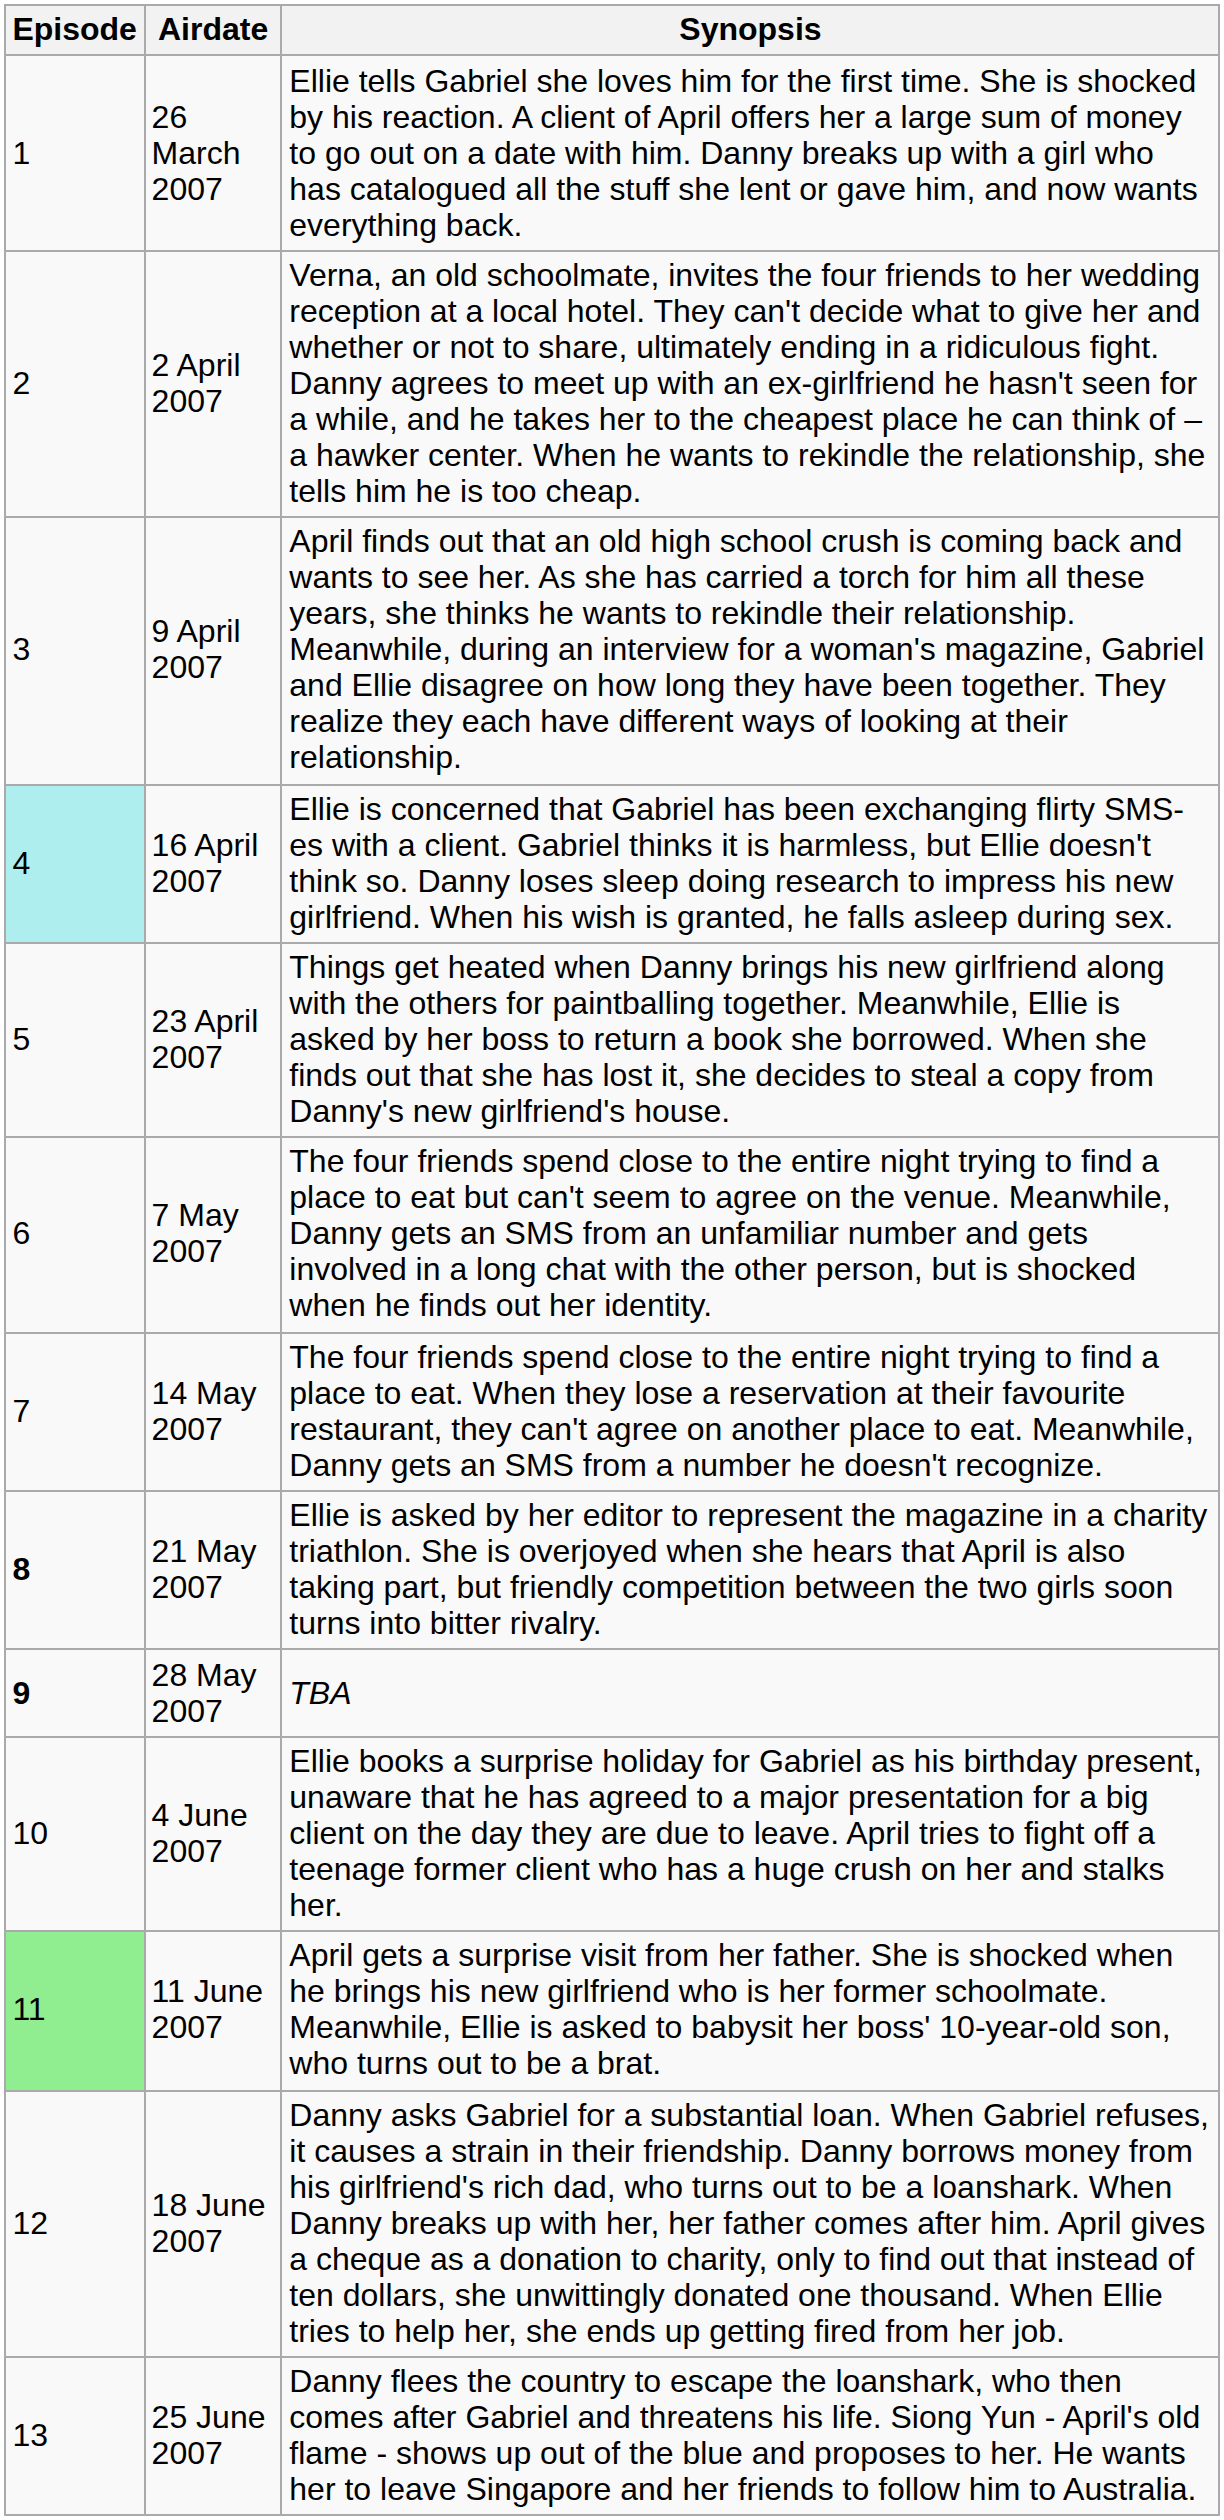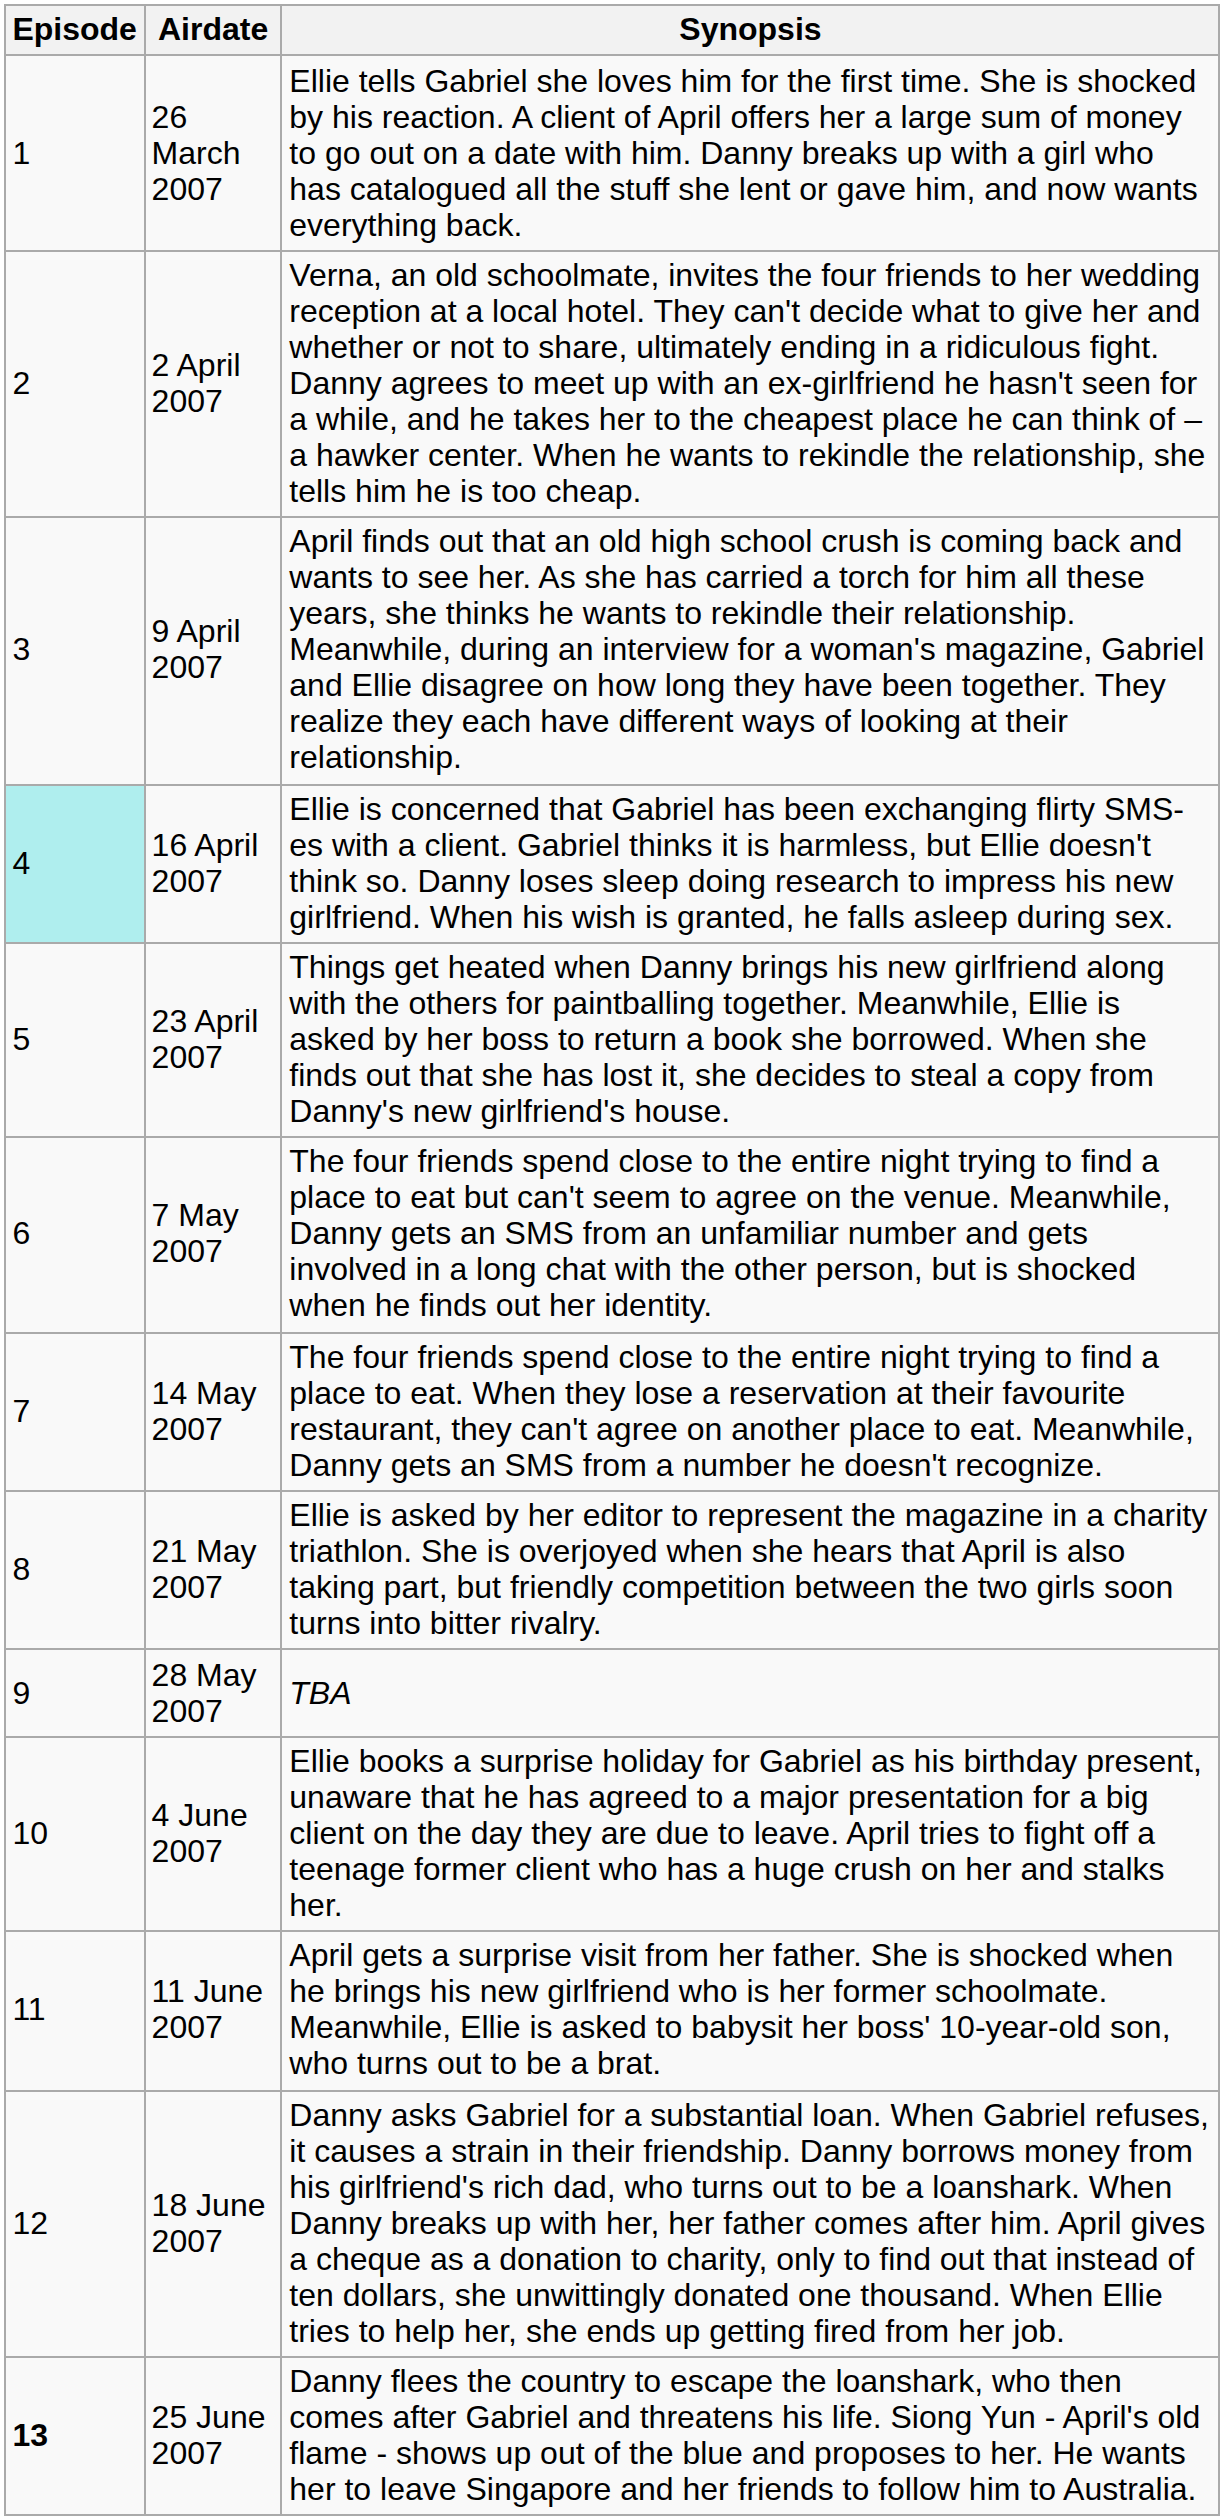 <table class="wikitable">
 <tr>
 <th>Episode</th>
 <th>Airdate</th>
 <th>Synopsis</th>
 </tr>
 <tr>
 <td>1</td>
 <td>26 March 2007</td>
 <td>Ellie tells Gabriel she loves him for the first time. She is shocked by his reaction. A client of April offers her a large sum of money to go out on a date with him. Danny breaks up with a girl who has catalogued all the stuff she lent or gave him, and now wants everything back.</td>
 </tr>
 <tr>
 <td>2</td>
 <td>2 April 2007</td>
 <td>Verna, an old schoolmate, invites the four friends to her wedding reception at a local hotel. They can't decide what to give her and whether or not to share, ultimately ending in a ridiculous fight. Danny agrees to meet up with an ex-girlfriend he hasn't seen for a while, and he takes her to the cheapest place he can think of – a hawker center. When he wants to rekindle the relationship, she tells him he is too cheap.</td>
 </tr>
 <tr>
 <td>3</td>
 <td>9 April 2007</td>
 <td>April finds out that an old high school crush is coming back and wants to see her. As she has carried a torch for him all these years, she thinks he wants to rekindle their relationship. Meanwhile, during an interview for a woman's magazine, Gabriel and Ellie disagree on how long they have been together. They realize they each have different ways of looking at their relationship.</td>
 </tr>
 <tr>
 <td style="background: paleturquoise;">4</td>
 <td>16 April 2007</td>
 <td>Ellie is concerned that Gabriel has been exchanging flirty SMS-es with a client. Gabriel thinks it is harmless, but Ellie doesn't think so. Danny loses sleep doing research to impress his new girlfriend. When his wish is granted, he falls asleep during sex.</td>
 </tr>
 <tr>
 <td>5</td>
 <td>23 April 2007</td>
 <td>Things get heated when Danny brings his new girlfriend along with the others for paintballing together. Meanwhile, Ellie is asked by her boss to return a book she borrowed. When she finds out that she has lost it, she decides to steal a copy from Danny's new girlfriend's house.</td>
 </tr>
 <tr>
 <td>6</td>
 <td>7 May 2007</td>
 <td>The four friends spend close to the entire night trying to find a place to eat but can't seem to agree on the venue. Meanwhile, Danny gets an SMS from an unfamiliar number and gets involved in a long chat with the other person, but is shocked when he finds out her identity.</td>
 </tr>
 <tr>
 <td>7</td>
 <td>14 May 2007</td>
 <td>The four friends spend close to the entire night trying to find a place to eat. When they lose a reservation at their favourite restaurant, they can't agree on another place to eat. Meanwhile, Danny gets an SMS from a number he doesn't recognize.</td>
 </tr>
 <tr>
-<td><strong>8</strong></td>
+<td>8</td>
 <td>21 May 2007</td>
 <td>Ellie is asked by her editor to represent the magazine in a charity triathlon. She is overjoyed when she hears that April is also taking part, but friendly competition between the two girls soon turns into bitter rivalry.</td>
 </tr>
 <tr>
-<td><strong>9</strong></td>
+<td>9</td>
 <td>28 May 2007</td>
 <td><em>TBA</em></td>
 </tr>
 <tr>
 <td>10</td>
 <td>4 June 2007</td>
 <td>Ellie books a surprise holiday for Gabriel as his birthday present, unaware that he has agreed to a major presentation for a big client on the day they are due to leave. April tries to fight off a teenage former client who has a huge crush on her and stalks her.</td>
 </tr>
 <tr>
-<td style="background: lightgreen;">11</td>
+<td>11</td>
 <td>11 June 2007</td>
 <td>April gets a surprise visit from her father. She is shocked when he brings his new girlfriend who is her former schoolmate. Meanwhile, Ellie is asked to babysit her boss' 10-year-old son, who turns out to be a brat.</td>
 </tr>
 <tr>
 <td>12</td>
 <td>18 June 2007</td>
 <td>Danny asks Gabriel for a substantial loan. When Gabriel refuses, it causes a strain in their friendship. Danny borrows money from his girlfriend's rich dad, who turns out to be a loanshark. When Danny breaks up with her, her father comes after him. April gives a cheque as a donation to charity, only to find out that instead of ten dollars, she unwittingly donated one thousand. When Ellie tries to help her, she ends up getting fired from her job.</td>
 </tr>
 <tr>
-<td>13</td>
+<td><strong>13</strong></td>
 <td>25 June 2007</td>
 <td>Danny flees the country to escape the loanshark, who then comes after Gabriel and threatens his life. Siong Yun - April's old flame - shows up out of the blue and proposes to her. He wants her to leave Singapore and her friends to follow him to Australia.</td>
 </tr>
 <tr>
 </tr>
 </table>
